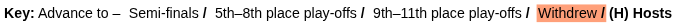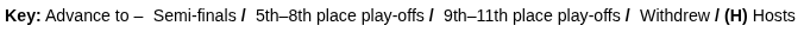 <table style="font-size: 85%;">
 <tr>
 <td height=5></td>
 </tr>
 <tr>
 <td><strong>Key:</strong> Advance to –</td>
 <td></td>
 <td>Semi-finals <strong>/</strong></td>
 <td></td>
 <td>5th–8th place play-offs <strong>/</strong></td>
 <td></td>
 <td>9th–11th place play-offs <strong>/</strong></td>
 <td></td>
-<td style="background: lightsalmon;">Withdrew <strong>/</strong></td>
+<td>Withdrew <strong>/</strong></td>
 <td style="background:"><strong>(H)</strong></td>
-<td><strong>Hosts</strong></td>
+<td>Hosts</td>
 </tr>
 </table>
